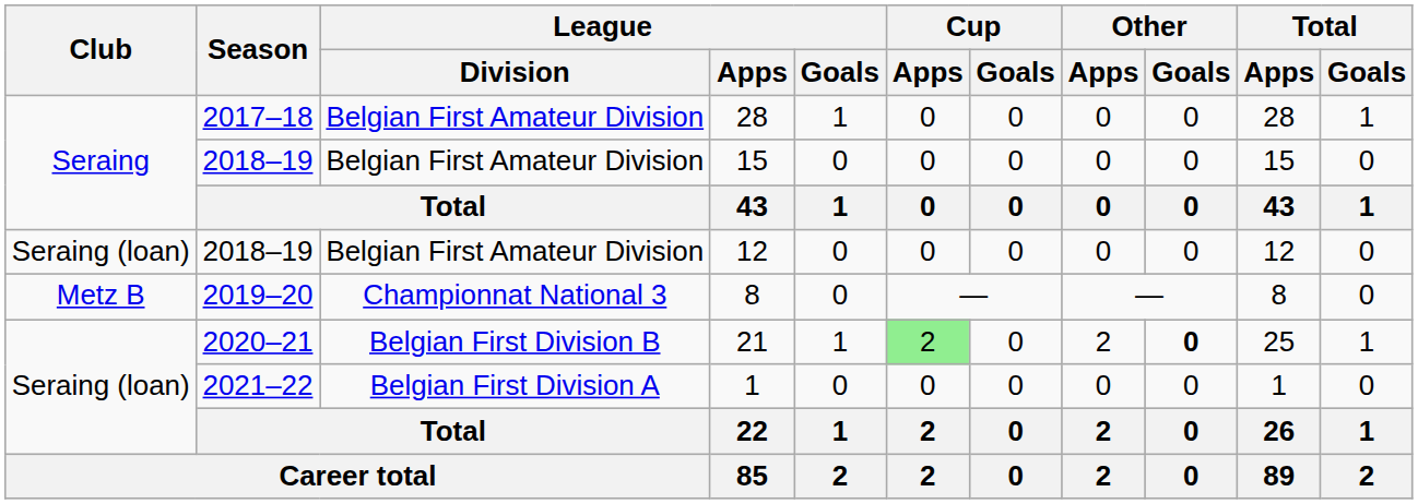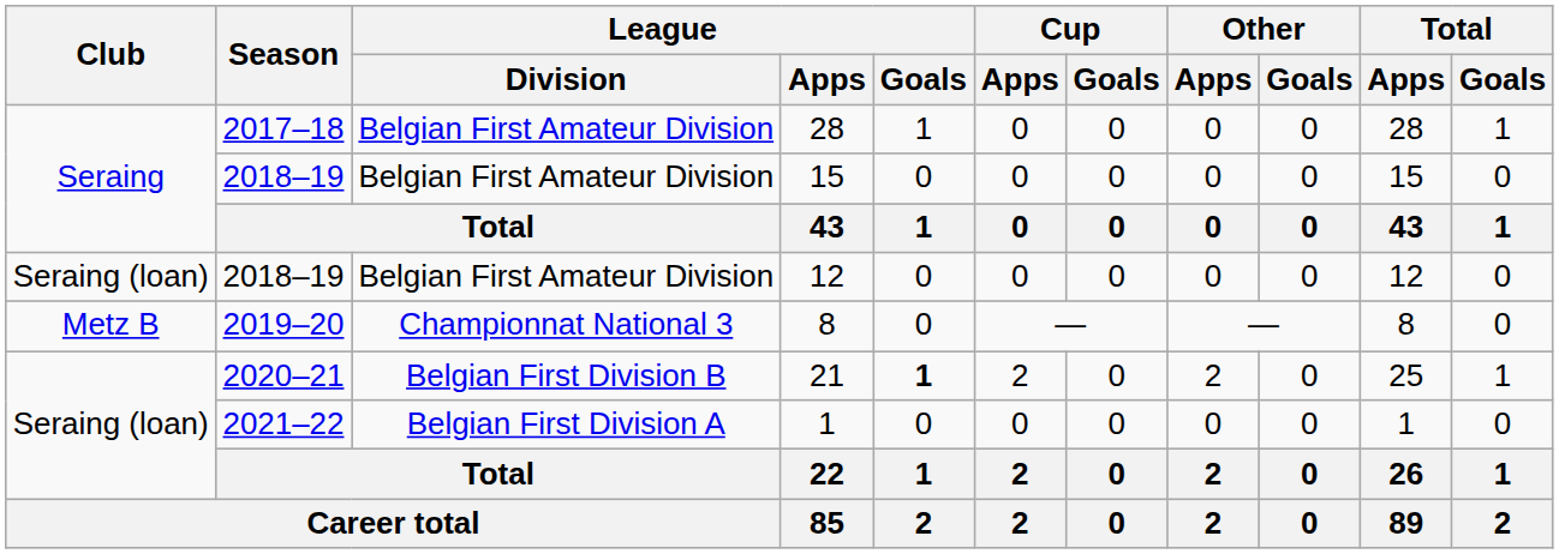 <table class="wikitable" style="text-align:center">
 <tr>
 <th rowspan="2">Club</th>
 <th rowspan="2">Season</th>
 <th colspan="3">League</th>
 <th colspan="2">Cup</th>
 <th colspan="2">Other</th>
 <th colspan="2">Total</th>
 </tr>
 <tr>
 <th>Division</th>
 <th>Apps</th>
 <th>Goals</th>
 <th>Apps</th>
 <th>Goals</th>
 <th>Apps</th>
 <th>Goals</th>
 <th>Apps</th>
 <th>Goals</th>
 </tr>
 <tr>
 <td rowspan="3"><a href='#'>Seraing</a></td>
 <td><a href='#'>2017–18</a></td>
 <td><a href='#'>Belgian First Amateur Division</a></td>
 <td>28</td>
 <td>1</td>
 <td>0</td>
 <td>0</td>
 <td>0</td>
 <td>0</td>
 <td>28</td>
 <td>1</td>
 </tr>
 <tr>
 <td><a href='#'>2018–19</a></td>
 <td>Belgian First Amateur Division</td>
 <td>15</td>
 <td>0</td>
 <td>0</td>
 <td>0</td>
 <td>0</td>
 <td>0</td>
 <td>15</td>
 <td>0</td>
 </tr>
 <tr>
 <th colspan="2">Total</th>
 <th>43</th>
 <th>1</th>
 <th>0</th>
 <th>0</th>
 <th>0</th>
 <th>0</th>
 <th>43</th>
 <th>1</th>
 </tr>
 <tr>
 <td>Seraing (loan)</td>
 <td>2018–19</td>
 <td>Belgian First Amateur Division</td>
 <td>12</td>
 <td>0</td>
 <td>0</td>
 <td>0</td>
 <td>0</td>
 <td>0</td>
 <td>12</td>
 <td>0</td>
 </tr>
 <tr>
 <td><a href='#'>Metz B</a></td>
 <td><a href='#'>2019–20</a></td>
 <td><a href='#'>Championnat National 3</a></td>
 <td>8</td>
 <td>0</td>
 <td colspan="2">—</td>
 <td colspan="2">—</td>
 <td>8</td>
 <td>0</td>
 </tr>
 <tr>
 <td rowspan="3">Seraing (loan)</td>
 <td><a href='#'>2020–21</a></td>
 <td><a href='#'>Belgian First Division B</a></td>
 <td>21</td>
-<td>1</td>
-<td style="background: lightgreen;">2</td>
+<td><strong>1</strong></td>
+<td>2</td>
 <td>0</td>
 <td>2</td>
-<td><strong>0</strong></td>
+<td>0</td>
 <td>25</td>
 <td>1</td>
 </tr>
 <tr>
 <td><a href='#'>2021–22</a></td>
 <td><a href='#'>Belgian First Division A</a></td>
 <td>1</td>
 <td>0</td>
 <td>0</td>
 <td>0</td>
 <td>0</td>
 <td>0</td>
 <td>1</td>
 <td>0</td>
 </tr>
 <tr>
 <th colspan="2">Total</th>
 <th>22</th>
 <th>1</th>
 <th>2</th>
 <th>0</th>
 <th>2</th>
 <th>0</th>
 <th>26</th>
 <th>1</th>
 </tr>
 <tr>
 <th colspan="3">Career total</th>
 <th>85</th>
 <th>2</th>
 <th>2</th>
 <th>0</th>
 <th>2</th>
 <th>0</th>
 <th>89</th>
 <th>2</th>
 </tr>
 </table>
